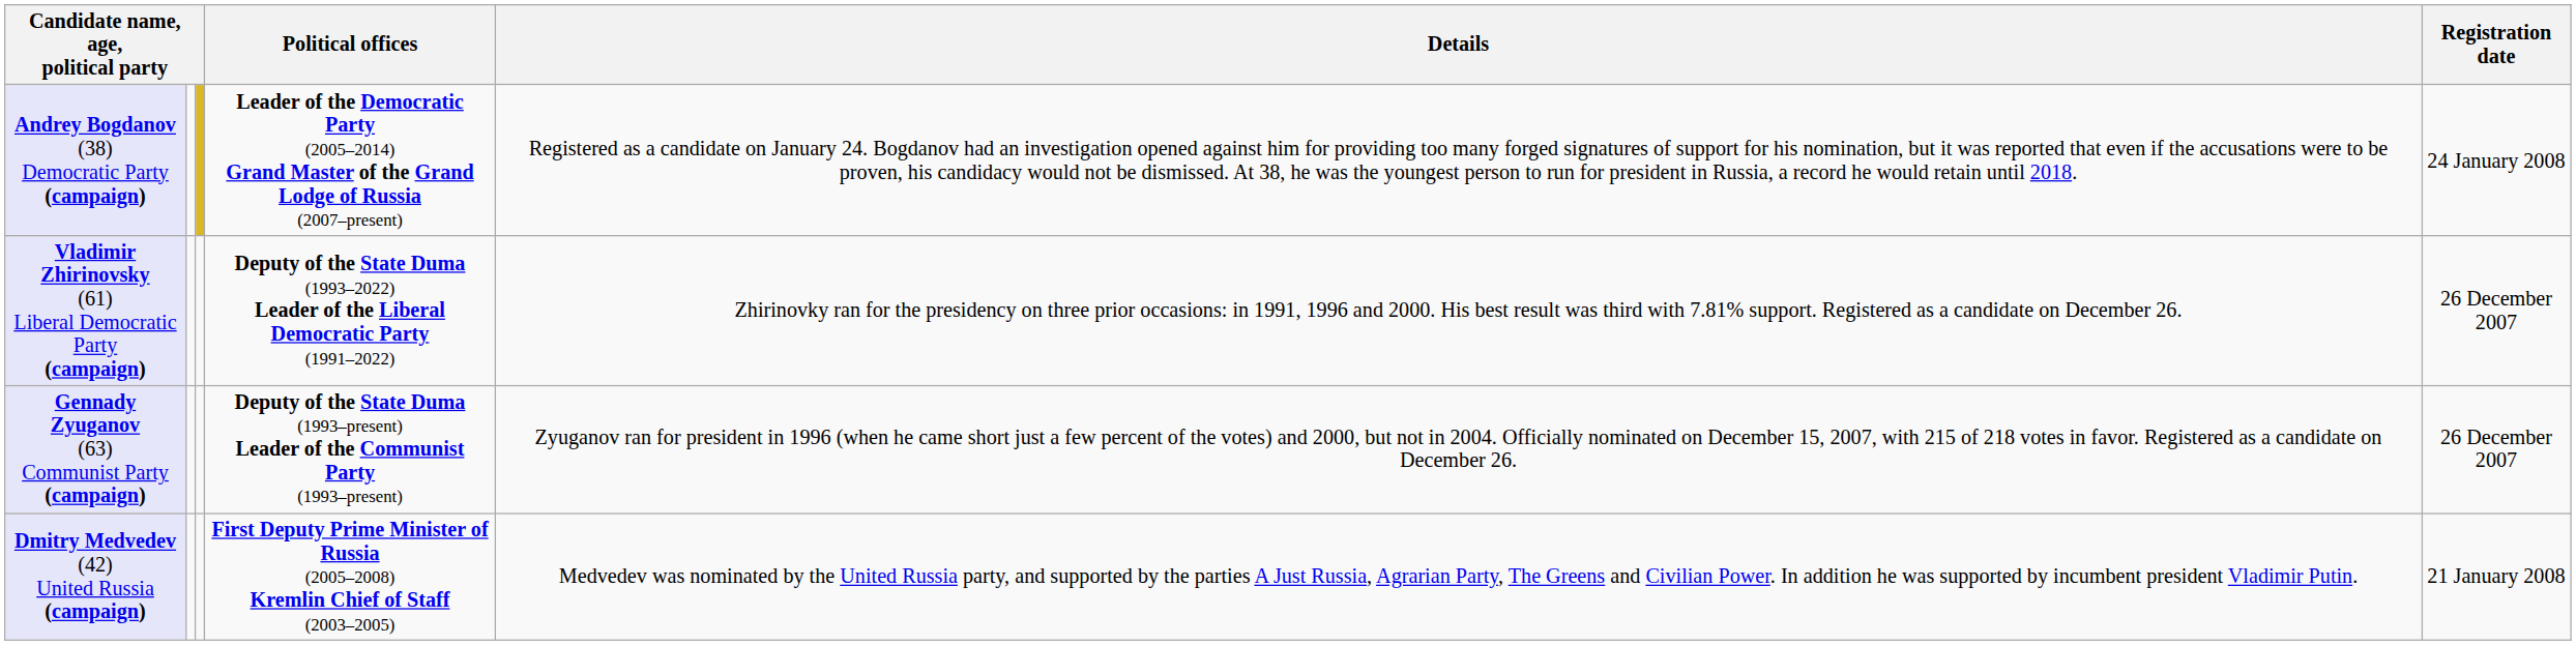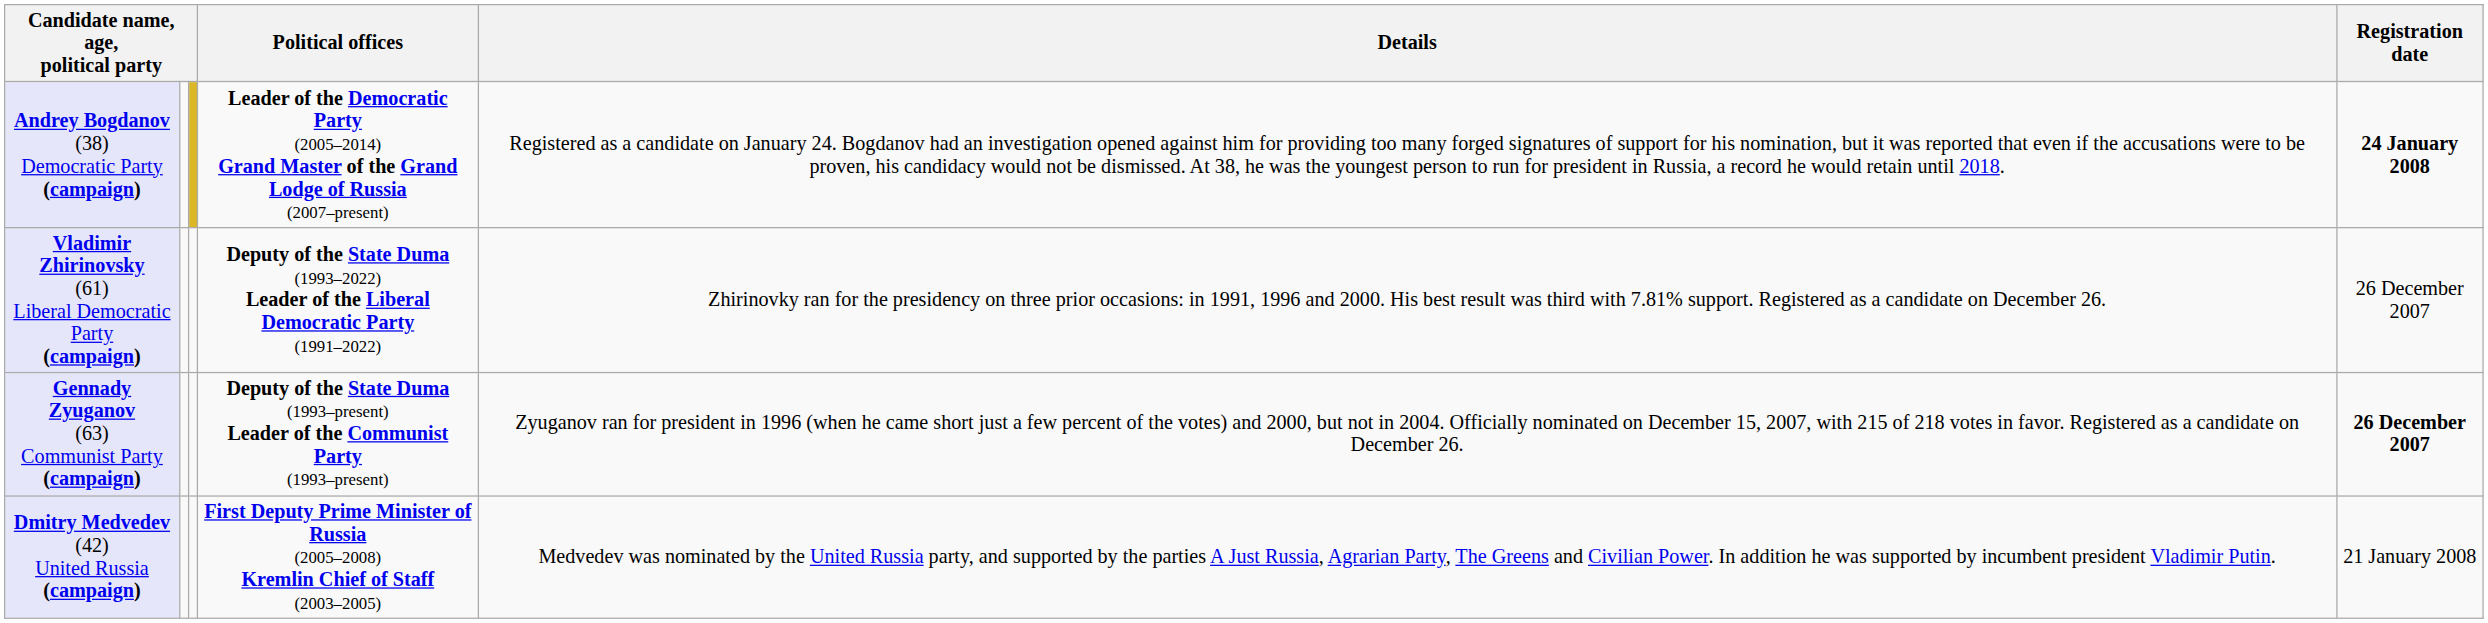 <table class=wikitable style=text-align:center>
 <tr>
 <th colspan="3">Candidate name, age,<br>political party</th>
 <th>Political offices</th>
 <th>Details</th>
 <th>Registration date</th>
 </tr>
 <tr>
 <td style="background:lavender;"><strong><a href='#'>Andrey Bogdanov</a></strong><br>(38)<br><a href='#'>Democratic Party</a><br><strong>(<a href='#'>campaign</a>)</strong></td>
 <td></td>
 <td style="background-color:#DBB726;"></td>
 <td><strong>Leader of the <a href='#'>Democratic Party</a></strong><br><small>(2005–2014)</small><br><strong><a href='#'>Grand Master</a> of the <a href='#'>Grand Lodge of Russia</a></strong><br><small>(2007–present)</small></td>
 <td>Registered as a candidate on January 24. Bogdanov had an investigation opened against him for providing too many forged signatures of support for his nomination, but it was reported that even if the accusations were to be proven, his candidacy would not be dismissed. At 38, he was the youngest person to run for president in Russia, a record he would retain until <a href='#'>2018</a>.</td>
-<td>24 January 2008</td>
+<td><strong>24 January 2008</strong></td>
 </tr>
 <tr>
 <td style="background:lavender;"><strong><a href='#'>Vladimir Zhirinovsky</a></strong><br>(61)<br><a href='#'>Liberal Democratic Party</a><br><strong>(<a href='#'>campaign</a>)</strong></td>
 <td></td>
 <td style="background-color:"></td>
 <td><strong>Deputy of the <a href='#'>State Duma</a></strong><br><small>(1993–2022)</small><br><strong>Leader of the <a href='#'>Liberal Democratic Party</a></strong><br><small>(1991–2022)</small></td>
 <td>Zhirinovky ran for the presidency on three prior occasions: in 1991, 1996 and 2000. His best result was third with 7.81% support. Registered as a candidate on December 26.</td>
 <td>26 December 2007</td>
 </tr>
 <tr>
 <td style="background:lavender;"><strong><a href='#'>Gennady Zyuganov</a></strong><br>(63)<br><a href='#'>Communist Party</a><br><strong>(<a href='#'>campaign</a>)</strong></td>
 <td></td>
 <td style="background-color:"></td>
 <td><strong>Deputy of the <a href='#'>State Duma</a></strong><br><small>(1993–present)</small><br><strong>Leader of the <a href='#'>Communist Party</a></strong><br><small>(1993–present)</small></td>
 <td>Zyuganov ran for president in 1996 (when he came short just a few percent of the votes) and 2000, but not in 2004. Officially nominated on December 15, 2007, with 215 of 218 votes in favor. Registered as a candidate on December 26.</td>
-<td>26 December 2007</td>
+<td><strong>26 December 2007</strong></td>
 </tr>
 <tr>
 <td style="background:lavender;"><strong><a href='#'>Dmitry Medvedev</a></strong><br>(42)<br><a href='#'>United Russia</a><br><strong>(<a href='#'>campaign</a>)</strong></td>
 <td></td>
 <td style="background-color:"></td>
 <td><strong><a href='#'>First Deputy Prime Minister of Russia</a></strong><br><small>(2005–2008)</small><br><strong><a href='#'>Kremlin Chief of Staff</a></strong><br><small>(2003–2005)</small></td>
 <td>Medvedev was nominated by the <a href='#'>United Russia</a> party, and supported by the parties <a href='#'>A Just Russia</a>, <a href='#'>Agrarian Party</a>, <a href='#'>The Greens</a> and <a href='#'>Civilian Power</a>. In addition he was supported by incumbent president <a href='#'>Vladimir Putin</a>.</td>
 <td>21 January 2008</td>
 </tr>
 </table>
